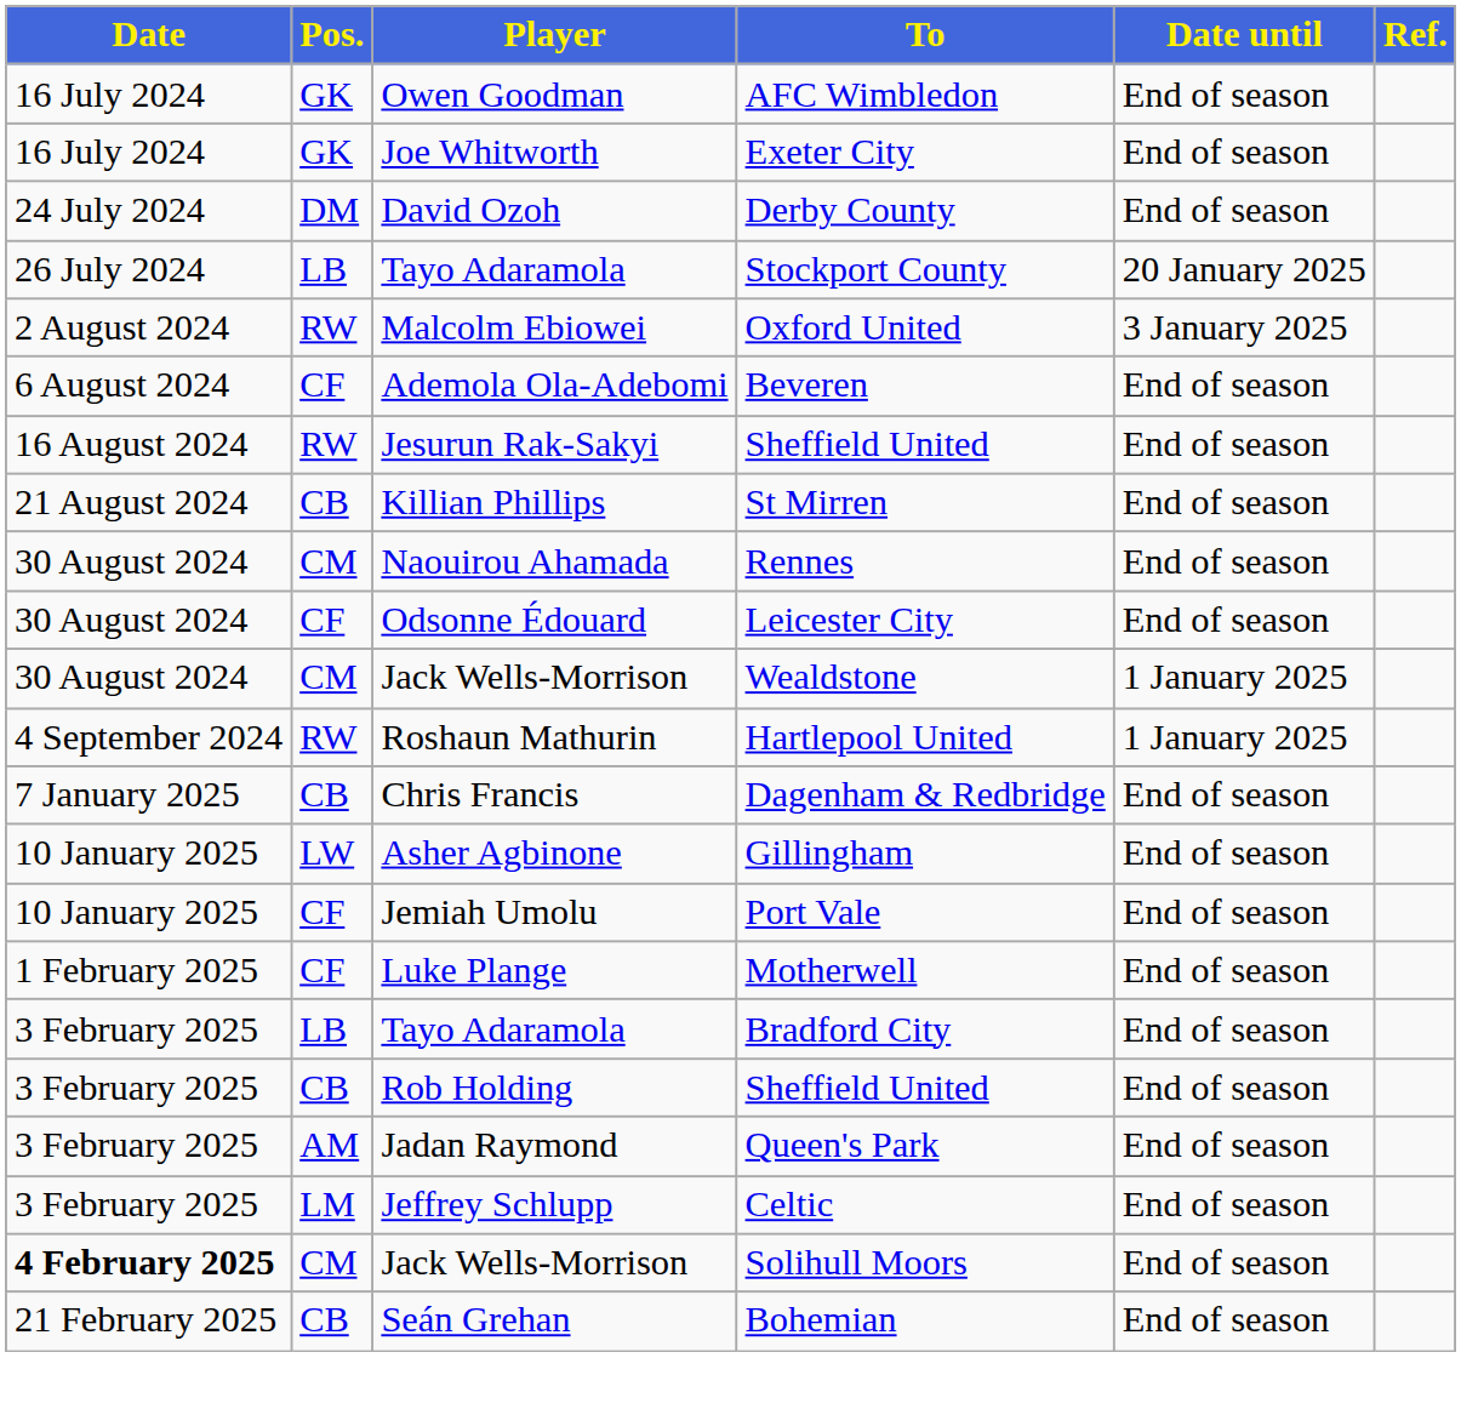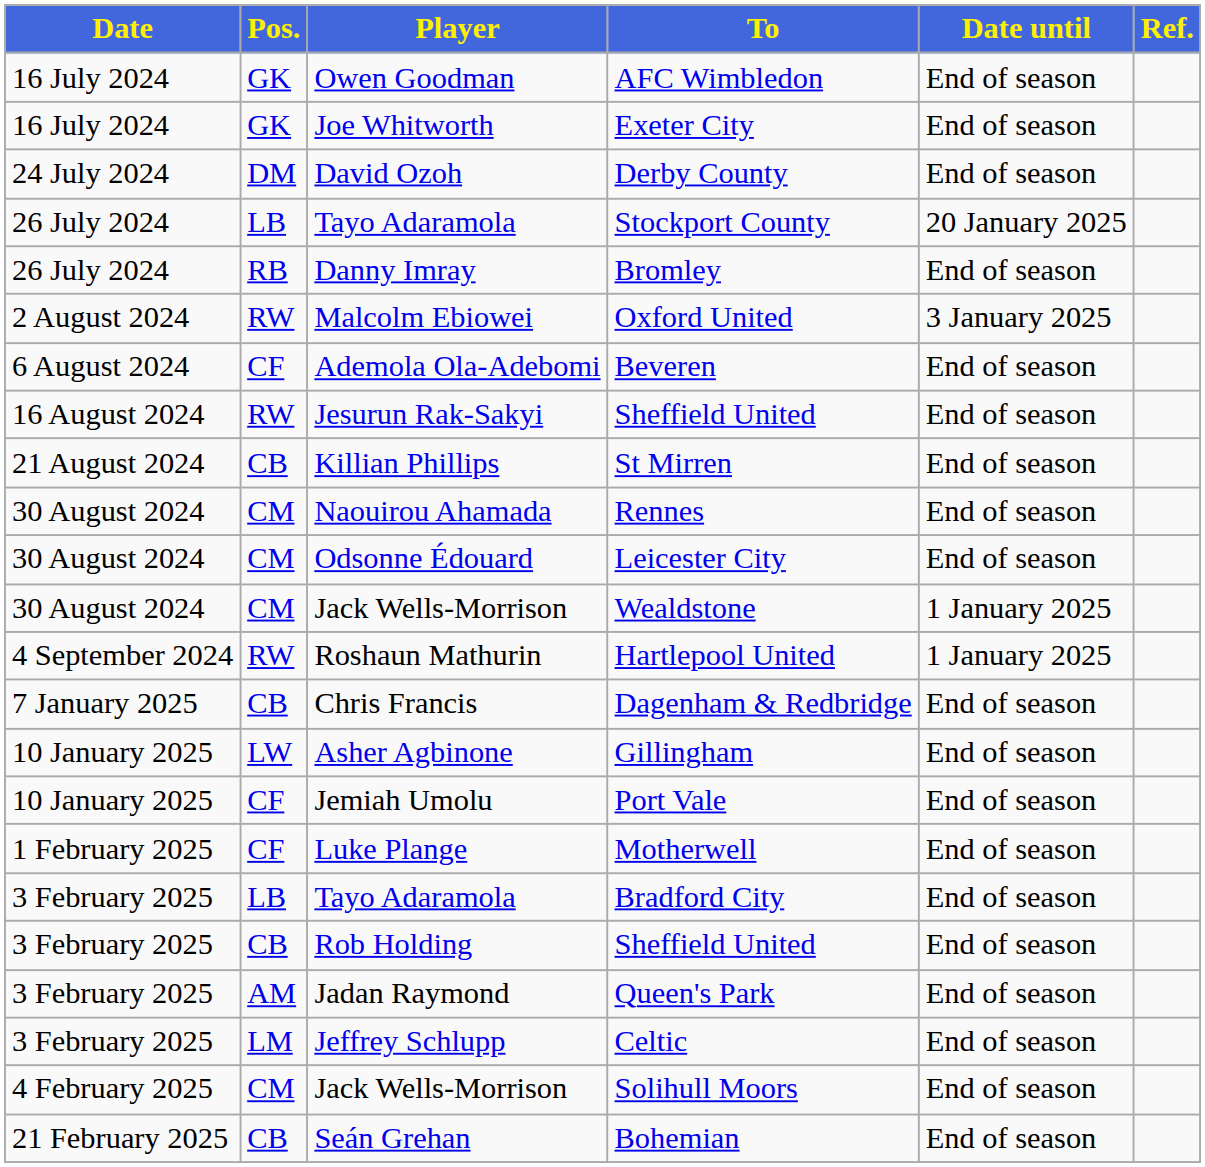 <table class="wikitable plainrowheaders sortable">
 <tr>
 <th style="background:#4267DC; color:#FFF000;">Date</th>
 <th style="background:#4267DC; color:#FFF000;">Pos.</th>
 <th style="background:#4267DC; color:#FFF000;">Player</th>
 <th style="background:#4267DC; color:#FFF000;">To</th>
 <th style="background:#4267DC; color:#FFF000;">Date until</th>
 <th style="background:#4267DC; color:#FFF000;">Ref.</th>
 </tr>
 <tr>
 <td>16 July 2024</td>
 <td><a href='#'>GK</a></td>
 <td> <a href='#'>Owen Goodman</a></td>
 <td> <a href='#'>AFC Wimbledon</a></td>
 <td>End of season</td>
 <td></td>
 </tr>
 <tr>
 <td>16 July 2024</td>
 <td><a href='#'>GK</a></td>
 <td> <a href='#'>Joe Whitworth</a></td>
 <td> <a href='#'>Exeter City</a></td>
 <td>End of season</td>
 <td></td>
 </tr>
 <tr>
 <td>24 July 2024</td>
 <td><a href='#'>DM</a></td>
 <td> <a href='#'>David Ozoh</a></td>
 <td> <a href='#'>Derby County</a></td>
 <td>End of season</td>
 <td></td>
 </tr>
 <tr>
 <td>26 July 2024</td>
 <td><a href='#'>LB</a></td>
 <td> <a href='#'>Tayo Adaramola</a></td>
 <td> <a href='#'>Stockport County</a></td>
 <td>20 January 2025</td>
+<td></td>
+</tr>
+<tr>
+<td>26 July 2024</td>
+<td><a href='#'>RB</a></td>
+<td> <a href='#'>Danny Imray</a></td>
+<td> <a href='#'>Bromley</a></td>
+<td>End of season</td>
 <td></td>
 </tr>
 <tr>
 <td>2 August 2024</td>
 <td><a href='#'>RW</a></td>
 <td> <a href='#'>Malcolm Ebiowei</a></td>
 <td> <a href='#'>Oxford United</a></td>
 <td>3 January 2025</td>
 <td></td>
 </tr>
 <tr>
 <td>6 August 2024</td>
 <td><a href='#'>CF</a></td>
 <td> <a href='#'>Ademola Ola-Adebomi</a></td>
 <td> <a href='#'>Beveren</a></td>
 <td>End of season</td>
 <td></td>
 </tr>
 <tr>
 <td>16 August 2024</td>
 <td><a href='#'>RW</a></td>
 <td> <a href='#'>Jesurun Rak-Sakyi</a></td>
 <td> <a href='#'>Sheffield United</a></td>
 <td>End of season</td>
 <td></td>
 </tr>
 <tr>
 <td>21 August 2024</td>
 <td><a href='#'>CB</a></td>
 <td> <a href='#'>Killian Phillips</a></td>
 <td> <a href='#'>St Mirren</a></td>
 <td>End of season</td>
 <td></td>
 </tr>
 <tr>
 <td>30 August 2024</td>
 <td><a href='#'>CM</a></td>
 <td> <a href='#'>Naouirou Ahamada</a></td>
 <td> <a href='#'>Rennes</a></td>
 <td>End of season</td>
 <td></td>
 </tr>
 <tr>
 <td>30 August 2024</td>
-<td><a href='#'>CF</a></td>
+<td><a href='#'>CM</a></td>
 <td> <a href='#'>Odsonne Édouard</a></td>
 <td> <a href='#'>Leicester City</a></td>
 <td>End of season</td>
 <td></td>
 </tr>
 <tr>
 <td>30 August 2024</td>
 <td><a href='#'>CM</a></td>
 <td> Jack Wells-Morrison</td>
 <td> <a href='#'>Wealdstone</a></td>
 <td>1 January 2025</td>
 <td></td>
 </tr>
 <tr>
 <td>4 September 2024</td>
 <td><a href='#'>RW</a></td>
 <td> Roshaun Mathurin</td>
 <td> <a href='#'>Hartlepool United</a></td>
 <td>1 January 2025</td>
 <td></td>
 </tr>
 <tr>
 <td>7 January 2025</td>
 <td><a href='#'>CB</a></td>
 <td> Chris Francis</td>
 <td> <a href='#'>Dagenham & Redbridge</a></td>
 <td>End of season</td>
 <td></td>
 </tr>
 <tr>
 <td>10 January 2025</td>
 <td><a href='#'>LW</a></td>
 <td> <a href='#'>Asher Agbinone</a></td>
 <td> <a href='#'>Gillingham</a></td>
 <td>End of season</td>
 <td></td>
 </tr>
 <tr>
 <td>10 January 2025</td>
 <td><a href='#'>CF</a></td>
 <td> Jemiah Umolu</td>
 <td> <a href='#'>Port Vale</a></td>
 <td>End of season</td>
 <td></td>
 </tr>
 <tr>
 <td>1 February 2025</td>
 <td><a href='#'>CF</a></td>
 <td> <a href='#'>Luke Plange</a></td>
 <td> <a href='#'>Motherwell</a></td>
 <td>End of season</td>
 <td></td>
 </tr>
 <tr>
 <td>3 February 2025</td>
 <td><a href='#'>LB</a></td>
 <td> <a href='#'>Tayo Adaramola</a></td>
 <td> <a href='#'>Bradford City</a></td>
 <td>End of season</td>
 <td></td>
 </tr>
 <tr>
 <td>3 February 2025</td>
 <td><a href='#'>CB</a></td>
 <td> <a href='#'>Rob Holding</a></td>
 <td> <a href='#'>Sheffield United</a></td>
 <td>End of season</td>
 <td></td>
 </tr>
 <tr>
 <td>3 February 2025</td>
 <td><a href='#'>AM</a></td>
 <td> Jadan Raymond</td>
 <td> <a href='#'>Queen's Park</a></td>
 <td>End of season</td>
 <td></td>
 </tr>
 <tr>
 <td>3 February 2025</td>
 <td><a href='#'>LM</a></td>
 <td> <a href='#'>Jeffrey Schlupp</a></td>
 <td> <a href='#'>Celtic</a></td>
 <td>End of season</td>
 <td></td>
 </tr>
 <tr>
-<td><strong>4 February 2025</strong></td>
+<td>4 February 2025</td>
 <td><a href='#'>CM</a></td>
 <td> Jack Wells-Morrison</td>
 <td> <a href='#'>Solihull Moors</a></td>
 <td>End of season</td>
 <td></td>
 </tr>
 <tr>
 <td>21 February 2025</td>
 <td><a href='#'>CB</a></td>
 <td> <a href='#'>Seán Grehan</a></td>
 <td> <a href='#'>Bohemian</a></td>
 <td>End of season</td>
 <td></td>
 </tr>
 </table>
